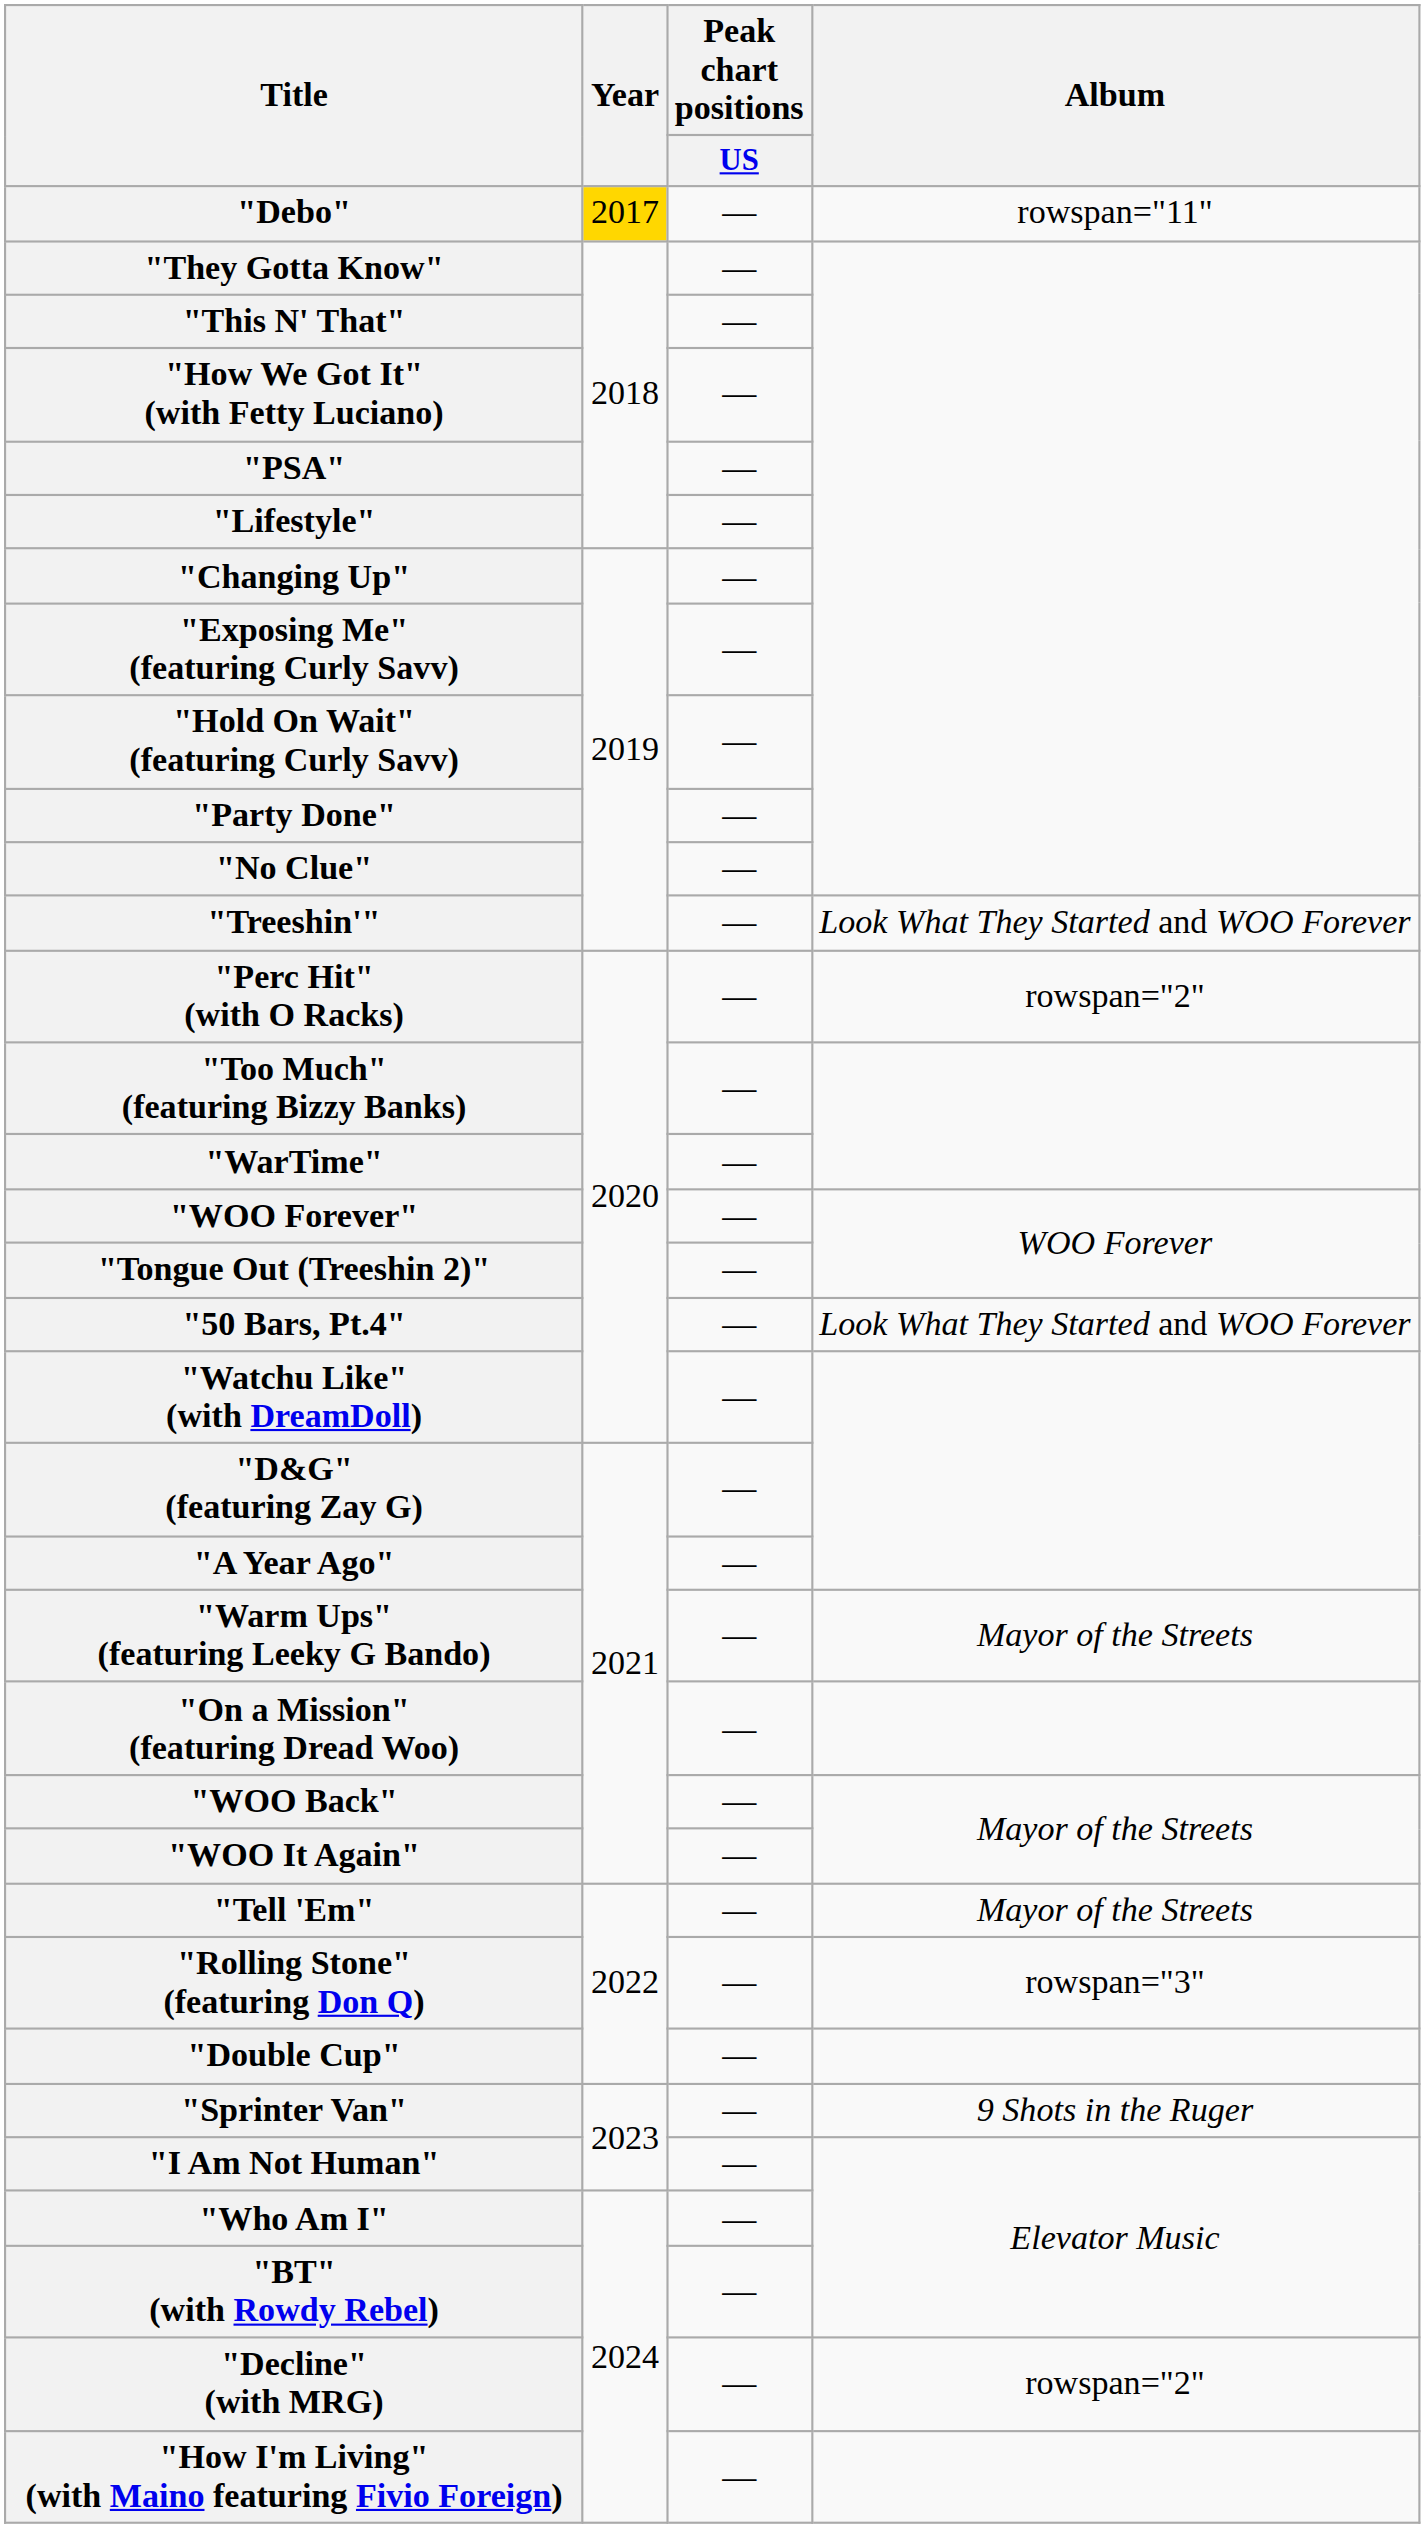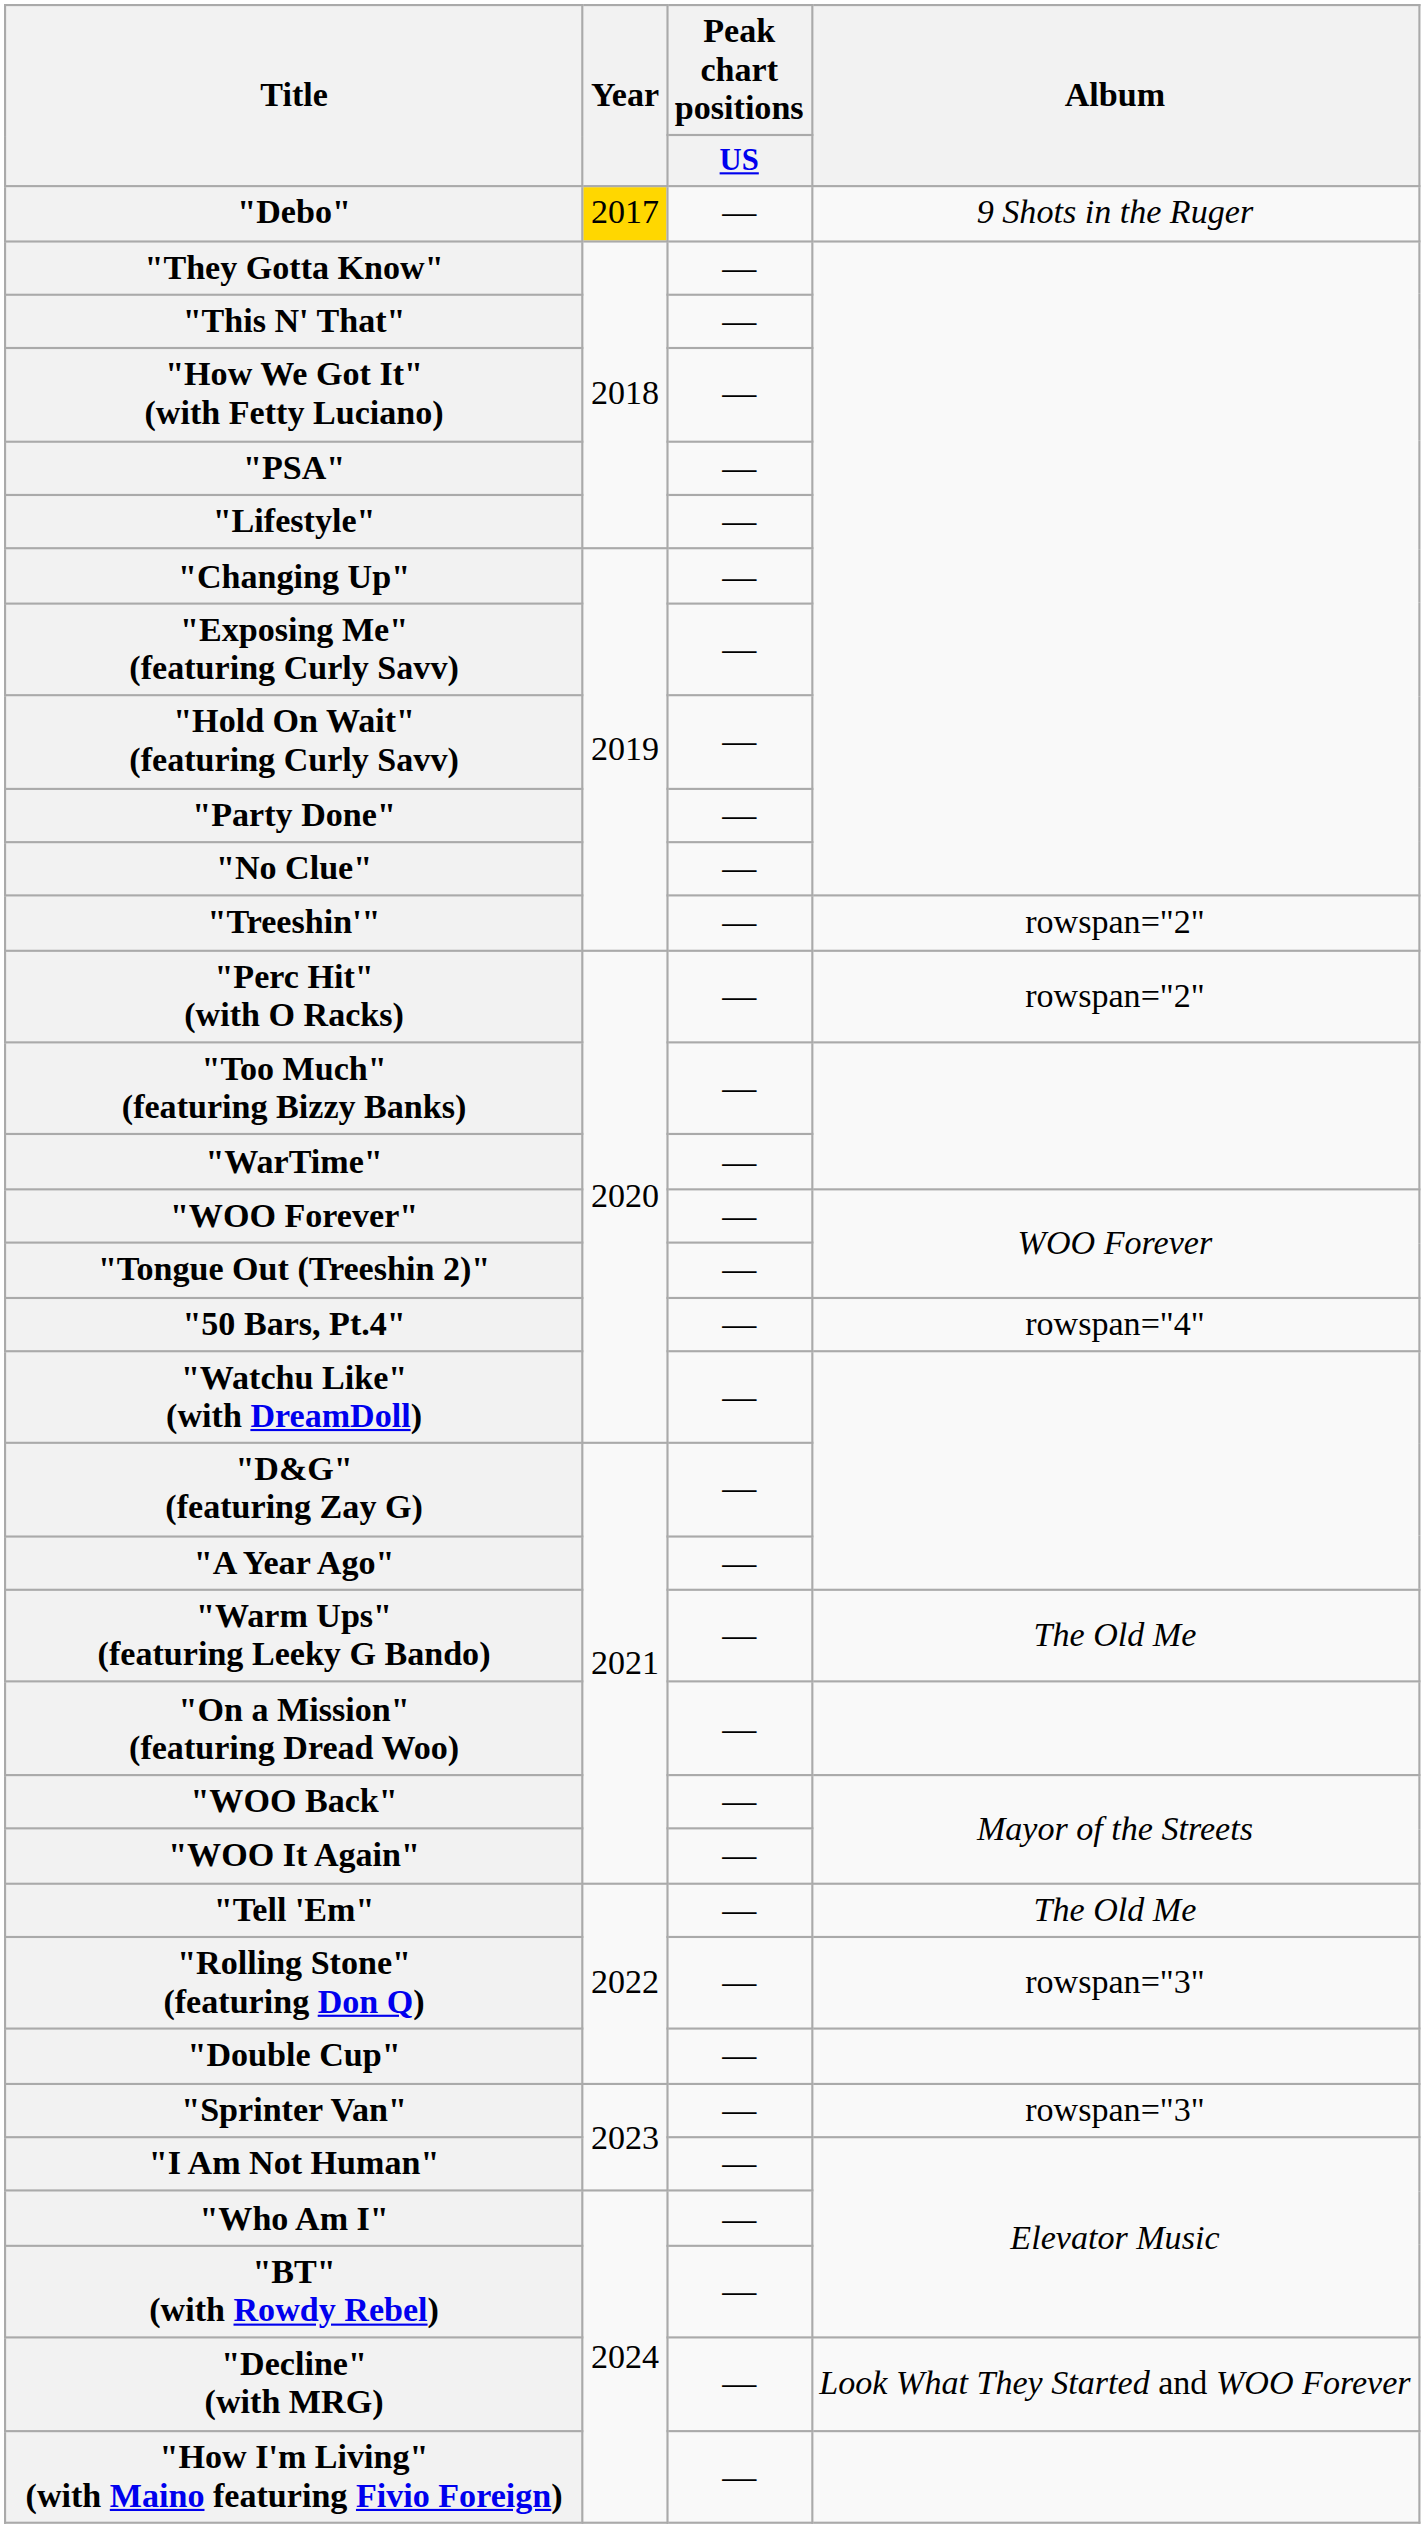 <table class="wikitable plainrowheaders" style="text-align:center;">
 <tr>
 <th scope="col" rowspan="2" style="width:16.5em;">Title</th>
 <th scope="col" rowspan="2">Year</th>
 <th scope="col" colspan="1">Peak chart positions</th>
 <th scope="col" rowspan="2">Album</th>
 </tr>
 <tr>
 <th scope="col" style="width:2.5em;font-size:90%;"><a href='#'>US</a></th>
 </tr>
 <tr>
 <th scope="row">"Debo"</th>
 <td style="background: gold;">2017</td>
 <td>—</td>
-<td>rowspan="11" </td>
+<td><em>9 Shots in the Ruger</em></td>
 </tr>
 <tr>
 <th scope="row">"They Gotta Know"</th>
 <td rowspan="5">2018</td>
 <td>—</td>
 </tr>
 <tr>
 <th scope="row">"This N' That"</th>
 <td>—</td>
 </tr>
 <tr>
 <th scope="row">"How We Got It"<br><span>(with Fetty Luciano)</span></th>
 <td>—</td>
 </tr>
 <tr>
 <th scope="row">"PSA"</th>
 <td>—</td>
 </tr>
 <tr>
 <th scope="Row">"Lifestyle"</th>
 <td>—</td>
 </tr>
 <tr>
 <th Scope="row">"Changing Up"</th>
 <td rowspan="6">2019</td>
 <td>—</td>
 </tr>
 <tr>
 <th scope="row">"Exposing Me"<br><span>(featuring Curly Savv)</span></th>
 <td>—</td>
 </tr>
 <tr>
 <th scope="row">"Hold On Wait"<br><span>(featuring Curly Savv)</span></th>
 <td>—</td>
 </tr>
 <tr>
 <th scope="row">"Party Done"</th>
 <td>—</td>
 </tr>
 <tr>
 <th scope="Row">"No Clue"</th>
 <td>—</td>
 </tr>
 <tr>
 <th scope="row">"Treeshin'"</th>
 <td>—</td>
-<td><em>Look What They Started</em> and <em>WOO Forever</em></td>
+<td>rowspan="2" </td>
 </tr>
 <tr>
 <th scope="row">"Perc Hit"<br><span>(with O Racks)</span></th>
 <td rowspan="7">2020</td>
 <td>—</td>
 <td>rowspan="2" </td>
 </tr>
 <tr>
 <th scope="row">"Too Much"<br><span>(featuring Bizzy Banks)</span></th>
 <td>—</td>
 </tr>
 <tr>
 <th scope="row">"WarTime"</th>
 <td>—</td>
 </tr>
 <tr>
 <th scope="Row">"WOO Forever"</th>
 <td>—</td>
 <td rowspan="2"><em>WOO Forever</em></td>
 </tr>
 <tr>
 <th scope="row">"Tongue Out (Treeshin 2)"</th>
 <td>—</td>
 </tr>
 <tr>
 <th Scope="row">"50 Bars, Pt.4"</th>
 <td>—</td>
-<td><em>Look What They Started</em> and <em>WOO Forever</em></td>
+<td>rowspan="4" </td>
 </tr>
 <tr>
 <th scope="row">"Watchu Like"<br><span>(with <a href='#'>DreamDoll</a>)</span></th>
 <td>—</td>
 </tr>
 <tr>
 <th scope="row">"D&G"<br><span>(featuring Zay G)</span></th>
 <td rowspan="6">2021</td>
 <td>—</td>
 </tr>
 <tr>
 <th scope="row">"A Year Ago"</th>
 <td>—</td>
 </tr>
 <tr>
 <th scope="row">"Warm Ups"<br><span>(featuring Leeky G Bando)</span></th>
 <td>—</td>
-<td><em>Mayor of the Streets</em></td>
+<td><em>The Old Me</em></td>
 </tr>
 <tr>
 <th scope="row">"On a Mission"<br><span>(featuring Dread Woo)</span></th>
 <td>—</td>
 <td></td>
 </tr>
 <tr>
 <th scope="Row">"WOO Back"</th>
 <td>—</td>
 <td rowspan="2"><em>Mayor of the Streets</em></td>
 </tr>
 <tr>
 <th scope="row">"WOO It Again"</th>
 <td>—</td>
 </tr>
 <tr>
 <th scope="row">"Tell 'Em"</th>
 <td rowspan="3">2022</td>
 <td>—</td>
-<td><em>Mayor of the Streets</em></td>
+<td><em>The Old Me</em></td>
 </tr>
 <tr>
 <th scope="row">"Rolling Stone"<br><span>(featuring <a href='#'>Don Q</a>)</span></th>
 <td>—</td>
 <td>rowspan="3" </td>
 </tr>
 <tr>
 <th scope="row">"Double Cup"</th>
 <td>—</td>
 </tr>
 <tr>
 <th scope="row">"Sprinter Van"</th>
 <td rowspan="2">2023</td>
 <td>—</td>
-<td><em>9 Shots in the Ruger</em></td>
+<td>rowspan="3" </td>
 </tr>
 <tr>
 <th scope="row">"I Am Not Human"</th>
 <td>—</td>
 <td rowspan="3"><em>Elevator Music</em></td>
 </tr>
 <tr>
 <th scope="row">"Who Am I"</th>
 <td rowspan="4">2024</td>
 <td>—</td>
 </tr>
 <tr>
 <th scope="row">"BT"<br><span>(with <a href='#'>Rowdy Rebel</a>)</span></th>
 <td>—</td>
 </tr>
 <tr>
 <th scope="row">"Decline"<br><span>(with MRG)</span></th>
 <td>—</td>
-<td>rowspan="2" </td>
+<td><em>Look What They Started</em> and <em>WOO Forever</em></td>
 </tr>
 <tr>
 <th scope="row">"How I'm Living"<br><span>(with <a href='#'>Maino</a> featuring <a href='#'>Fivio Foreign</a>)</span></th>
 <td>—</td>
 </tr>
 </table>
